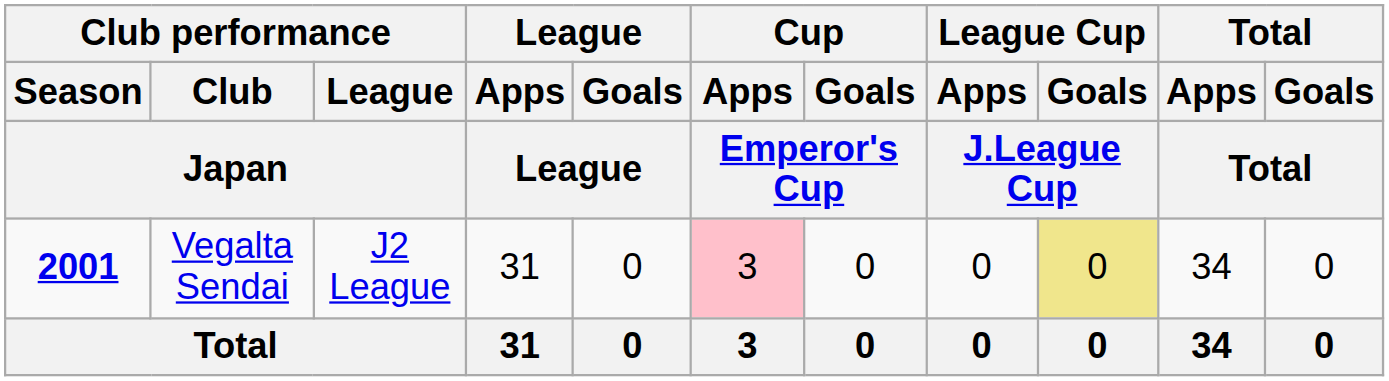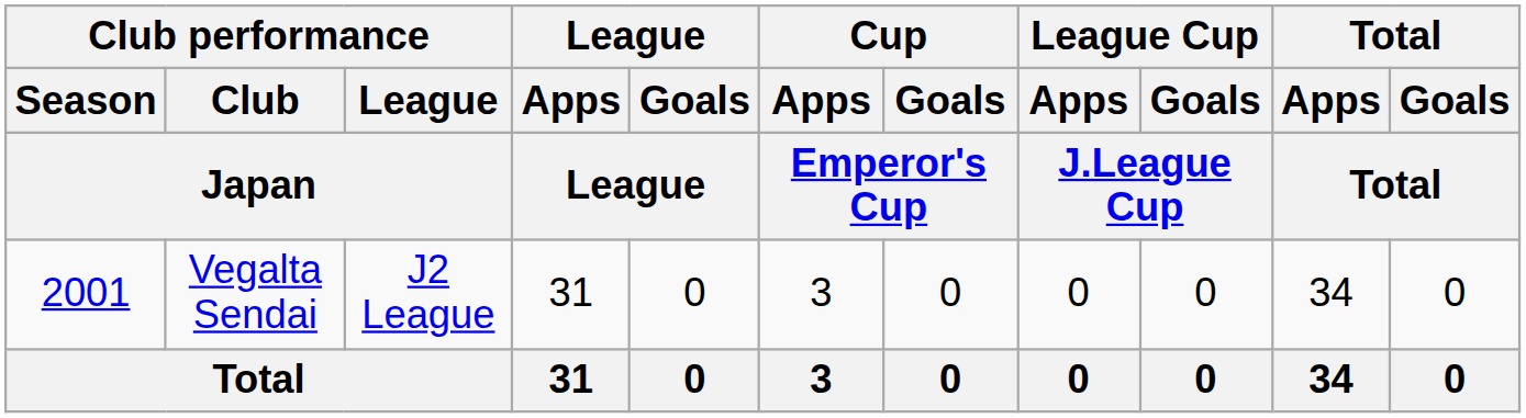 <table class="wikitable" style="text-align:center;">
 <tr>
 <th colspan=3>Club performance</th>
 <th colspan=2>League</th>
 <th colspan=2>Cup</th>
 <th colspan=2>League Cup</th>
 <th colspan=2>Total</th>
 </tr>
 <tr>
 <th>Season</th>
 <th>Club</th>
 <th>League</th>
 <th>Apps</th>
 <th>Goals</th>
 <th>Apps</th>
 <th>Goals</th>
 <th>Apps</th>
 <th>Goals</th>
 <th>Apps</th>
 <th>Goals</th>
 </tr>
 <tr>
 <th colspan=3>Japan</th>
 <th colspan=2>League</th>
 <th colspan=2><a href='#'>Emperor's Cup</a></th>
 <th colspan=2><a href='#'>J.League Cup</a></th>
 <th colspan=2>Total</th>
 </tr>
 <tr>
-<td><strong><a href='#'>2001</a></strong></td>
+<td><a href='#'>2001</a></td>
 <td><a href='#'>Vegalta Sendai</a></td>
 <td><a href='#'>J2 League</a></td>
 <td>31</td>
 <td>0</td>
-<td style="background: pink;">3</td>
+<td>3</td>
 <td>0</td>
 <td>0</td>
-<td style="background: khaki;">0</td>
+<td>0</td>
 <td>34</td>
 <td>0</td>
 </tr>
 <tr>
 <th colspan=3>Total</th>
 <th>31</th>
 <th>0</th>
 <th>3</th>
 <th>0</th>
 <th>0</th>
 <th>0</th>
 <th>34</th>
 <th>0</th>
 </tr>
 </table>
